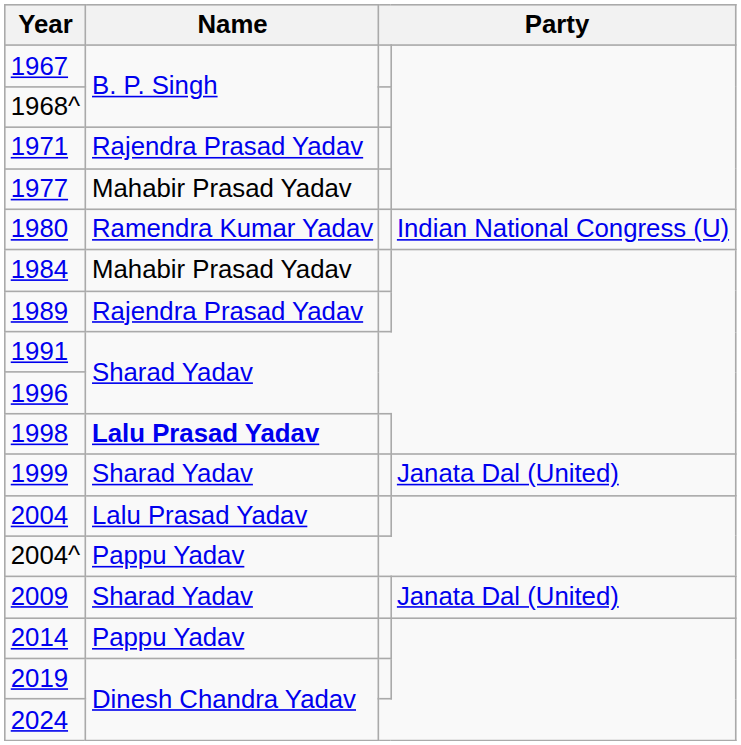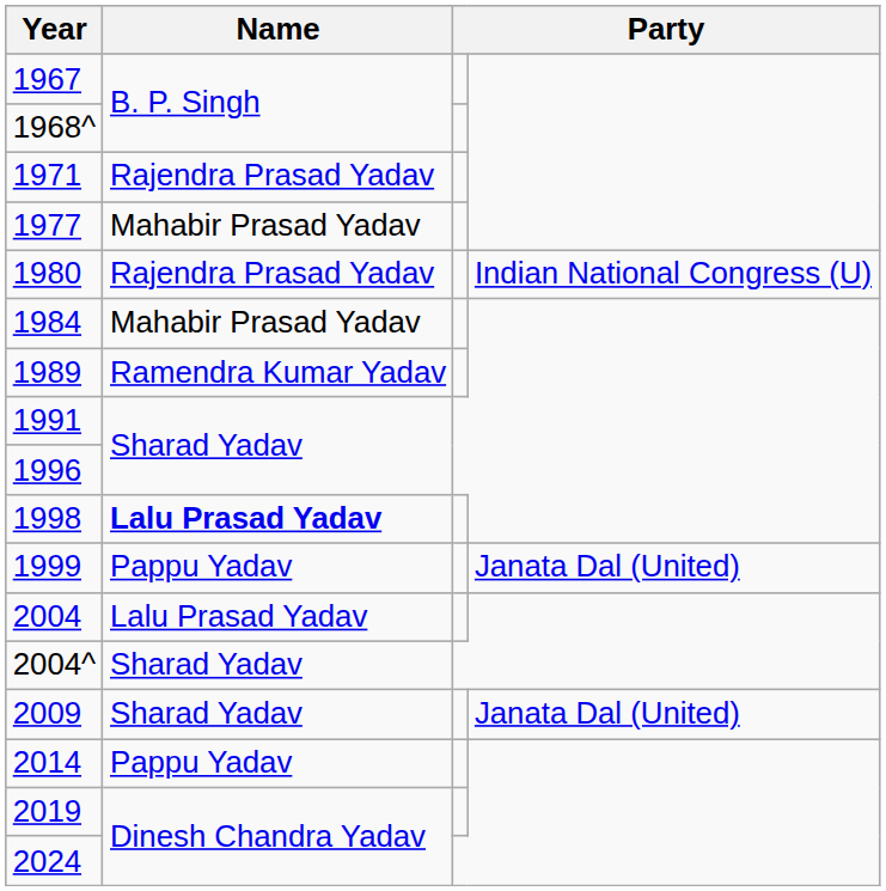 <table class="wikitable">
 <tr>
 <th>Year</th>
 <th>Name</th>
 <th colspan="2">Party</th>
 </tr>
 <tr>
 <td><a href='#'>1967</a></td>
 <td rowspan="2"><a href='#'>B. P. Singh</a></td>
 <td></td>
 </tr>
 <tr>
 <td>1968^</td>
 <td></td>
 </tr>
 <tr>
 <td><a href='#'>1971</a></td>
 <td><a href='#'>Rajendra Prasad Yadav</a></td>
 <td></td>
 </tr>
 <tr>
 <td><a href='#'>1977</a></td>
 <td>Mahabir Prasad Yadav</td>
 <td></td>
 </tr>
 <tr>
 <td><a href='#'>1980</a></td>
-<td><a href='#'>Ramendra Kumar Yadav</a></td>
+<td><a href='#'>Rajendra Prasad Yadav</a></td>
 <td style="background-color: "></td>
 <td><a href='#'>Indian National Congress (U)</a></td>
 </tr>
 <tr>
 <td><a href='#'>1984</a></td>
 <td>Mahabir Prasad Yadav</td>
 <td></td>
 </tr>
 <tr>
 <td><a href='#'>1989</a></td>
-<td><a href='#'>Rajendra Prasad Yadav</a></td>
+<td><a href='#'>Ramendra Kumar Yadav</a></td>
 <td></td>
 </tr>
 <tr>
 <td><a href='#'>1991</a></td>
 <td rowspan="2"><a href='#'>Sharad Yadav</a></td>
 </tr>
 <tr>
 <td><a href='#'>1996</a></td>
 </tr>
 <tr>
 <td><a href='#'>1998</a></td>
 <td><strong><a href='#'>Lalu Prasad Yadav</a></strong></td>
 <td></td>
 </tr>
 <tr>
 <td><a href='#'>1999</a></td>
-<td><a href='#'>Sharad Yadav</a></td>
+<td><a href='#'>Pappu Yadav</a></td>
 <td style="background-color: "></td>
 <td><a href='#'>Janata Dal (United)</a></td>
 </tr>
 <tr>
 <td><a href='#'>2004</a></td>
 <td><a href='#'>Lalu Prasad Yadav</a></td>
 <td></td>
 </tr>
 <tr>
 <td>2004^</td>
-<td><a href='#'>Pappu Yadav</a></td>
+<td><a href='#'>Sharad Yadav</a></td>
 </tr>
 <tr>
 <td><a href='#'>2009</a></td>
 <td><a href='#'>Sharad Yadav</a></td>
 <td style="background-color: "></td>
 <td><a href='#'>Janata Dal (United)</a></td>
 </tr>
 <tr>
 <td><a href='#'>2014</a></td>
 <td><a href='#'>Pappu Yadav</a></td>
 <td></td>
 </tr>
 <tr>
 <td><a href='#'>2019</a></td>
 <td rowspan=2><a href='#'>Dinesh Chandra Yadav</a></td>
 <td></td>
 </tr>
 <tr>
 <td><a href='#'>2024</a></td>
 </tr>
 </table>
